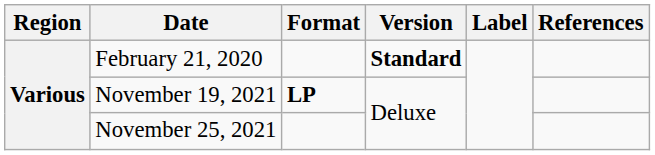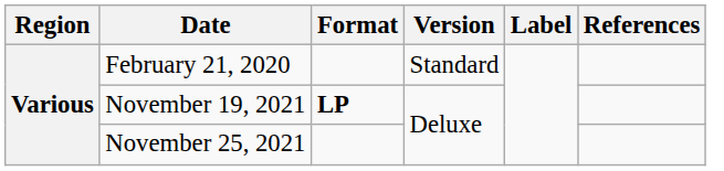 <table class="wikitable plainrowheaders">
 <tr>
 <th scope="col">Region</th>
 <th scope="col">Date</th>
 <th scope="col">Format</th>
 <th scope="col">Version</th>
 <th scope="col">Label</th>
 <th scope="col">References</th>
 </tr>
 <tr>
 <th scope="row" rowspan="3">Various</th>
 <td>February 21, 2020</td>
 <td></td>
-<td><strong>Standard</strong></td>
+<td>Standard</td>
 <td rowspan="3"></td>
 <td></td>
 </tr>
 <tr>
 <td>November 19, 2021</td>
 <td><strong>LP</strong></td>
 <td rowspan="2">Deluxe</td>
 <td></td>
 </tr>
 <tr>
 <td>November 25, 2021</td>
 <td></td>
 <td></td>
 </tr>
 </table>
